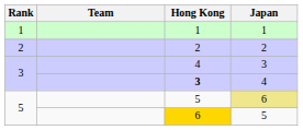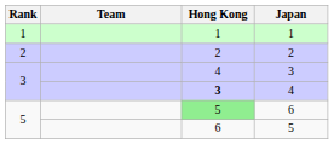 <table class="wikitable" style="text-align:center;">
 <tr>
 <th width=40>Rank</th>
 <th width=180>Team</th>
 <th width=90>Hong Kong</th>
 <th width=90>Japan</th>
 </tr>
 <tr bgcolor=ccffcc>
 <td>1</td>
 <td style="text-align:left;"></td>
 <td>1</td>
 <td>1</td>
 </tr>
 <tr bgcolor=ccccff>
 <td>2</td>
 <td style="text-align:left;"></td>
 <td>2</td>
 <td>2</td>
 </tr>
 <tr bgcolor=ccccff>
 <td rowspan=2>3</td>
 <td style="text-align:left;"></td>
 <td>4</td>
 <td>3</td>
 </tr>
 <tr bgcolor=ccccff>
 <td style="text-align:left;"></td>
 <td><strong>3</strong></td>
 <td>4</td>
 </tr>
 <tr>
 <td rowspan=2>5</td>
 <td style="text-align:left;"></td>
-<td>5</td>
-<td style="background: khaki;">6</td>
+<td style="background: lightgreen;">5</td>
+<td>6</td>
 </tr>
 <tr>
 <td style="text-align:left;"></td>
-<td style="background: gold;">6</td>
+<td>6</td>
 <td>5</td>
 </tr>
 </table>
